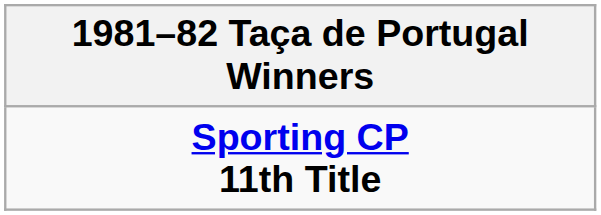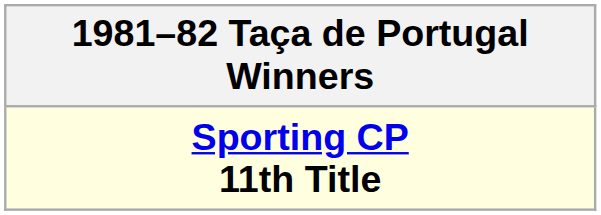 <table class="wikitable" style="text-align: center; margin: 0 auto; width: 20%">
 <tr>
 <th>1981–82 Taça de Portugal Winners</th>
 </tr>
 <tr>
-<td><strong><a href='#'>Sporting CP</a></strong><br><strong>11th Title</strong></td>
+<td style="background: lightyellow;"><strong><a href='#'>Sporting CP</a></strong><br><strong>11th Title</strong></td>
 </tr>
 </table>
